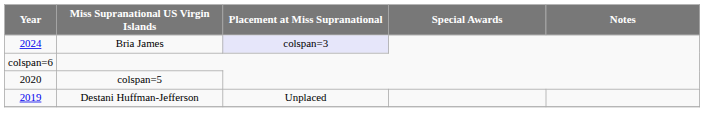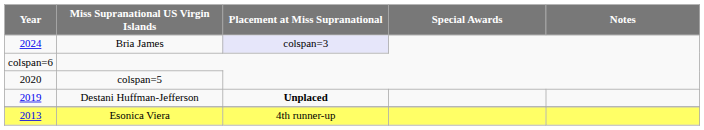 <table class="wikitable " style="font-size: 85%; text-align:center">
 <tr>
 <th width="60" style="background-color:#787878;color:#FFFFFF;">Year</th>
 <th width="250" style="background-color:#787878;color:#FFFFFF;">Miss Supranational US Virgin Islands</th>
 <th width="250" style="background-color:#787878;color:#FFFFFF;">Placement at Miss Supranational</th>
 <th width="250" style="background-color:#787878;color:#FFFFFF;">Special Awards</th>
 <th width="250" style="background-color:#787878;color:#FFFFFF;">Notes</th>
 </tr>
 <tr>
 <td><a href='#'>2024</a></td>
 <td>Bria James</td>
 <td style="background: lavender;">colspan=3 </td>
 </tr>
 <tr>
 <td>colspan=6 </td>
 </tr>
 <tr>
 <td>2020</td>
 <td>colspan=5 </td>
 </tr>
 <tr>
 <td><a href='#'>2019</a></td>
 <td>Destani Huffman-Jefferson</td>
-<td>Unplaced</td>
+<td><strong>Unplaced</strong></td>
 <td></td>
 <td></td>
 </tr>
 <tr>
 </tr>
+<tr style="background-color:#FFFF66;">
+<td><a href='#'>2013</a></td>
+<td>Esonica Viera</td>
+<td>4th runner-up</td>
+<td></td>
+<td></td>
+</tr>
 </table>
